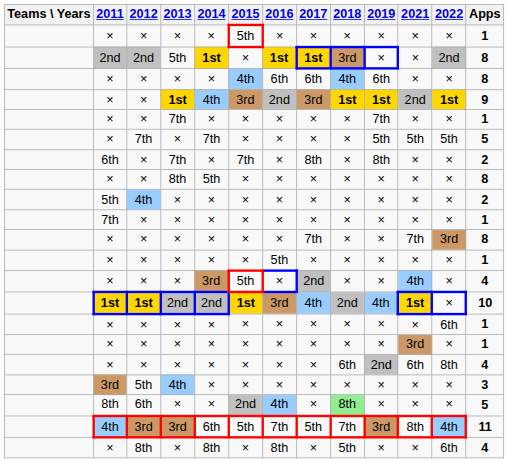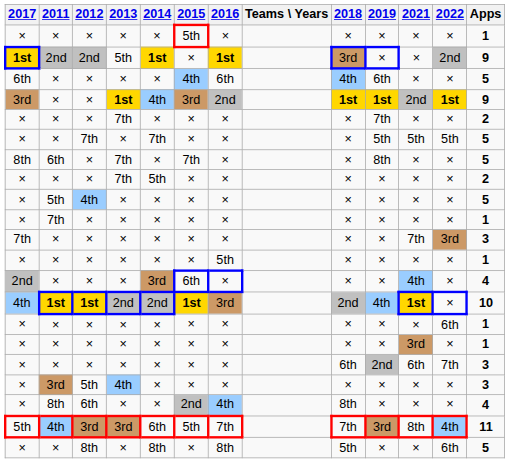 <table class="wikitable" style="text-align: center">
 <tr valign=top>
-<th>Teams \ Years</th>
+<th><a href='#'>2017</a></th>
 <th><a href='#'>2011</a></th>
 <th><a href='#'>2012</a></th>
 <th><a href='#'>2013</a></th>
 <th><a href='#'>2014</a></th>
 <th><a href='#'>2015</a></th>
 <th><a href='#'>2016</a></th>
-<th><a href='#'>2017</a></th>
+<th>Teams \ Years</th>
 <th><a href='#'>2018</a></th>
 <th><a href='#'>2019</a></th>
 <th><a href='#'>2021</a></th>
 <th><a href='#'>2022</a></th>
 <th>Apps</th>
 </tr>
 <tr>
-<td align=left></td>
+<td>×</td>
 <td>×</td>
 <td>×</td>
 <td>×</td>
 <td>×</td>
 <td style="border:3px solid red">5th</td>
 <td>×</td>
-<td>×</td>
+<td align=left></td>
 <td>×</td>
 <td>×</td>
 <td>×</td>
 <td>×</td>
 <td><strong>1</strong></td>
 </tr>
 <tr>
-<td align=left></td>
+<td style="border:3px solid blue" bgcolor=gold><strong>1st</strong></td>
 <td bgcolor=silver>2nd</td>
 <td bgcolor=silver>2nd</td>
 <td>5th</td>
 <td bgcolor=gold><strong>1st</strong></td>
 <td>×</td>
 <td bgcolor=gold><strong>1st</strong></td>
-<td style="border:3px solid blue" bgcolor=gold><strong>1st</strong></td>
+<td align=left></td>
 <td style="border:3px solid blue" bgcolor=#cc9966>3rd</td>
 <td style="border:3px solid blue">×</td>
 <td>×</td>
 <td bgcolor=silver>2nd</td>
-<td><strong>8</strong></td>
+<td><strong>9</strong></td>
 </tr>
 <tr>
-<td align=left></td>
+<td>6th</td>
 <td>×</td>
 <td>×</td>
 <td>×</td>
 <td>×</td>
 <td bgcolor=#9acdff>4th</td>
 <td>6th</td>
-<td>6th</td>
+<td align=left></td>
 <td bgcolor=#9acdff>4th</td>
 <td>6th</td>
 <td>×</td>
 <td>×</td>
-<td><strong>8</strong></td>
+<td><strong>5</strong></td>
 </tr>
 <tr>
-<td align=left></td>
+<td bgcolor=#cc9966>3rd</td>
 <td>×</td>
 <td>×</td>
 <td bgcolor=gold><strong>1st</strong></td>
 <td bgcolor=#9acdff>4th</td>
 <td bgcolor=#cc9966>3rd</td>
 <td bgcolor=silver>2nd</td>
-<td bgcolor=#cc9966>3rd</td>
+<td align=left></td>
 <td bgcolor=gold><strong>1st</strong></td>
 <td bgcolor=gold><strong>1st</strong></td>
 <td bgcolor=silver>2nd</td>
 <td bgcolor=gold><strong>1st</strong></td>
 <td><strong>9</strong></td>
 </tr>
 <tr>
+<td>×</td>
+<td>×</td>
+<td>×</td>
+<td>7th</td>
+<td>×</td>
+<td>×</td>
+<td>×</td>
 <td align=left></td>
 <td>×</td>
+<td>7th</td>
+<td>×</td>
+<td>×</td>
+<td><strong>2</strong></td>
+</tr>
+<tr>
+<td>×</td>
+<td>×</td>
+<td>7th</td>
+<td>×</td>
+<td>7th</td>
+<td>×</td>
+<td>×</td>
+<td align=left></td>
+<td>×</td>
+<td>5th</td>
+<td>5th</td>
+<td>5th</td>
+<td><strong>5</strong></td>
+</tr>
+<tr>
+<td>8th</td>
+<td>6th</td>
+<td>×</td>
+<td>7th</td>
+<td>×</td>
+<td>7th</td>
+<td>×</td>
+<td align=left></td>
+<td>×</td>
+<td>8th</td>
+<td>×</td>
+<td>×</td>
+<td><strong>5</strong></td>
+</tr>
+<tr>
+<td>×</td>
+<td>×</td>
+<td>×</td>
+<td>7th</td>
+<td>5th</td>
+<td>×</td>
+<td>×</td>
+<td align=left></td>
+<td>×</td>
+<td>×</td>
+<td>×</td>
+<td>×</td>
+<td><strong>2</strong></td>
+</tr>
+<tr>
+<td>×</td>
+<td>5th</td>
+<td bgcolor=#9acdff>4th</td>
+<td>×</td>
+<td>×</td>
+<td>×</td>
+<td>×</td>
+<td align=left></td>
+<td>×</td>
+<td>×</td>
+<td>×</td>
+<td>×</td>
+<td><strong>5</strong></td>
+</tr>
+<tr>
 <td>×</td>
 <td>7th</td>
 <td>×</td>
 <td>×</td>
 <td>×</td>
 <td>×</td>
 <td>×</td>
-<td>7th</td>
+<td align=left></td>
+<td>×</td>
+<td>×</td>
 <td>×</td>
 <td>×</td>
 <td><strong>1</strong></td>
 </tr>
 <tr>
-<td align=left></td>
-<td>×</td>
-<td>7th</td>
-<td>×</td>
 <td>7th</td>
 <td>×</td>
 <td>×</td>
 <td>×</td>
 <td>×</td>
-<td>5th</td>
-<td>5th</td>
-<td>5th</td>
-<td><strong>5</strong></td>
-</tr>
-<tr>
-<td align=left></td>
-<td>6th</td>
-<td>×</td>
-<td>7th</td>
-<td>×</td>
-<td>7th</td>
-<td>×</td>
-<td>8th</td>
-<td>×</td>
-<td>8th</td>
 <td>×</td>
 <td>×</td>
-<td><strong>2</strong></td>
-</tr>
-<tr>
 <td align=left></td>
 <td>×</td>
 <td>×</td>
-<td>8th</td>
+<td>7th</td>
+<td bgcolor=#cc9966>3rd</td>
+<td><strong>3</strong></td>
+</tr>
+<tr>
+<td>×</td>
+<td>×</td>
+<td>×</td>
+<td>×</td>
+<td>×</td>
+<td>×</td>
 <td>5th</td>
+<td align=left></td>
+<td>×</td>
+<td>×</td>
+<td>×</td>
+<td>×</td>
+<td><strong>1</strong></td>
+</tr>
+<tr>
+<td bgcolor=silver>2nd</td>
+<td>×</td>
+<td>×</td>
+<td>×</td>
+<td bgcolor=#cc9966>3rd</td>
+<td style="border:3px solid blue">6th</td>
+<td style="border:3px solid blue">×</td>
+<td align=left></td>
+<td>×</td>
+<td>×</td>
+<td bgcolor=#9acdff>4th</td>
+<td>×</td>
+<td><strong>4</strong></td>
+</tr>
+<tr>
+<td bgcolor=#9acdff>4th</td>
+<td style="border:3px solid blue"  bgcolor=gold><strong>1st</strong></td>
+<td style="border:3px solid blue" bgcolor=gold><strong>1st</strong></td>
+<td style="border:3px solid blue" bgcolor=silver>2nd</td>
+<td style="border:3px solid blue" bgcolor=silver>2nd</td>
+<td bgcolor=gold><strong>1st</strong></td>
+<td bgcolor=#cc9966>3rd</td>
+<td align=left></td>
+<td bgcolor=silver>2nd</td>
+<td bgcolor=#9acdff>4th</td>
+<td style="border:3px solid blue" bgcolor=gold><strong>1st</strong></td>
+<td style="border:3px solid blue">×</td>
+<td><strong>10</strong></td>
+</tr>
+<tr>
 <td>×</td>
 <td>×</td>
 <td>×</td>
 <td>×</td>
 <td>×</td>
 <td>×</td>
 <td>×</td>
-<td><strong>8</strong></td>
+<td align=left></td>
+<td>×</td>
+<td>×</td>
+<td>×</td>
+<td>6th</td>
+<td><strong>1</strong></td>
 </tr>
 <tr>
-<td align=left></td>
-<td>5th</td>
-<td bgcolor=#9acdff>4th</td>
 <td>×</td>
 <td>×</td>
 <td>×</td>
 <td>×</td>
 <td>×</td>
 <td>×</td>
 <td>×</td>
+<td align=left></td>
 <td>×</td>
 <td>×</td>
-<td><strong>2</strong></td>
+<td bgcolor=#cc9966>3rd</td>
+<td>×</td>
+<td><strong>1</strong></td>
 </tr>
 <tr>
-<td align=left></td>
-<td>7th</td>
 <td>×</td>
 <td>×</td>
 <td>×</td>
 <td>×</td>
 <td>×</td>
 <td>×</td>
 <td>×</td>
-<td>×</td>
-<td>×</td>
-<td>×</td>
-<td><strong>1</strong></td>
-</tr>
-<tr>
 <td align=left></td>
-<td>×</td>
-<td>×</td>
-<td>×</td>
-<td>×</td>
-<td>×</td>
-<td>×</td>
-<td>7th</td>
-<td>×</td>
-<td>×</td>
-<td>7th</td>
-<td bgcolor=#cc9966>3rd</td>
-<td><strong>8</strong></td>
-</tr>
-<tr>
-<td align=left></td>
-<td>×</td>
-<td>×</td>
-<td>×</td>
-<td>×</td>
-<td>×</td>
-<td>5th</td>
-<td>×</td>
-<td>×</td>
-<td>×</td>
-<td>×</td>
-<td>×</td>
-<td><strong>1</strong></td>
-</tr>
-<tr>
-<td align=left></td>
-<td>×</td>
-<td>×</td>
-<td>×</td>
-<td bgcolor=#cc9966>3rd</td>
-<td style="border:3px solid red">5th</td>
-<td style="border:3px solid blue">×</td>
-<td bgcolor=silver>2nd</td>
-<td>×</td>
-<td>×</td>
-<td bgcolor=#9acdff>4th</td>
-<td>×</td>
-<td><strong>4</strong></td>
-</tr>
-<tr>
-<td align=left></td>
-<td style="border:3px solid blue"  bgcolor=gold><strong>1st</strong></td>
-<td style="border:3px solid blue" bgcolor=gold><strong>1st</strong></td>
-<td style="border:3px solid blue" bgcolor=silver>2nd</td>
-<td style="border:3px solid blue" bgcolor=silver>2nd</td>
-<td bgcolor=gold><strong>1st</strong></td>
-<td bgcolor=#cc9966>3rd</td>
-<td bgcolor=#9acdff>4th</td>
-<td bgcolor=silver>2nd</td>
-<td bgcolor=#9acdff>4th</td>
-<td style="border:3px solid blue" bgcolor=gold><strong>1st</strong></td>
-<td style="border:3px solid blue">×</td>
-<td><strong>10</strong></td>
-</tr>
-<tr>
-<td align=left></td>
-<td>×</td>
-<td>×</td>
-<td>×</td>
-<td>×</td>
-<td>×</td>
-<td>×</td>
-<td>×</td>
-<td>×</td>
-<td>×</td>
-<td>×</td>
-<td>6th</td>
-<td><strong>1</strong></td>
-</tr>
-<tr>
-<td align=left></td>
-<td>×</td>
-<td>×</td>
-<td>×</td>
-<td>×</td>
-<td>×</td>
-<td>×</td>
-<td>×</td>
-<td>×</td>
-<td>×</td>
-<td bgcolor=#cc9966>3rd</td>
-<td>×</td>
-<td><strong>1</strong></td>
-</tr>
-<tr>
-<td align=left></td>
-<td>×</td>
-<td>×</td>
-<td>×</td>
-<td>×</td>
-<td>×</td>
-<td>×</td>
-<td>×</td>
 <td>6th</td>
 <td bgcolor=silver>2nd</td>
 <td>6th</td>
-<td>8th</td>
-<td><strong>4</strong></td>
+<td>7th</td>
+<td><strong>3</strong></td>
 </tr>
 <tr>
-<td align=left></td>
+<td>×</td>
 <td bgcolor=#cc9966>3rd</td>
 <td>5th</td>
 <td bgcolor=#9acdff>4th</td>
 <td>×</td>
 <td>×</td>
 <td>×</td>
-<td>×</td>
+<td align=left></td>
 <td>×</td>
 <td>×</td>
 <td>×</td>
 <td>×</td>
 <td><strong>3</strong></td>
 </tr>
 <tr>
-<td align=left></td>
+<td>×</td>
 <td>8th</td>
 <td>6th</td>
 <td>×</td>
 <td>×</td>
 <td bgcolor=silver>2nd</td>
 <td bgcolor=#9acdff>4th</td>
-<td>×</td>
-<td style="background: lightgreen;">8th</td>
+<td align=left></td>
+<td>8th</td>
 <td>×</td>
 <td>×</td>
 <td>×</td>
-<td><strong>5</strong></td>
+<td><strong>4</strong></td>
 </tr>
 <tr>
-<td align=left></td>
+<td style="border:3px solid red">5th</td>
 <td style="border:3px solid red" bgcolor=#9acdff>4th</td>
 <td style="border:3px solid red" bgcolor=#cc9966>3rd</td>
 <td style="border:3px solid red" bgcolor=#cc9966>3rd</td>
 <td style="border:3px solid red">6th</td>
 <td style="border:3px solid red">5th</td>
 <td style="border:3px solid red">7th</td>
-<td style="border:3px solid red">5th</td>
+<td align=left></td>
 <td style="border:3px solid red">7th</td>
 <td style="border:3px solid red" bgcolor=#cc9966>3rd</td>
 <td style="border:3px solid red">8th</td>
 <td style="border:3px solid red" bgcolor=#9acdff>4th</td>
 <td><strong>11</strong></td>
 </tr>
 <tr>
-<td align=left></td>
+<td>×</td>
 <td>×</td>
 <td>8th</td>
 <td>×</td>
 <td>8th</td>
 <td>×</td>
 <td>8th</td>
-<td>×</td>
+<td align=left></td>
 <td>5th</td>
 <td>×</td>
 <td>×</td>
 <td>6th</td>
-<td><strong>4</strong></td>
+<td><strong>5</strong></td>
 </tr>
 </table>
